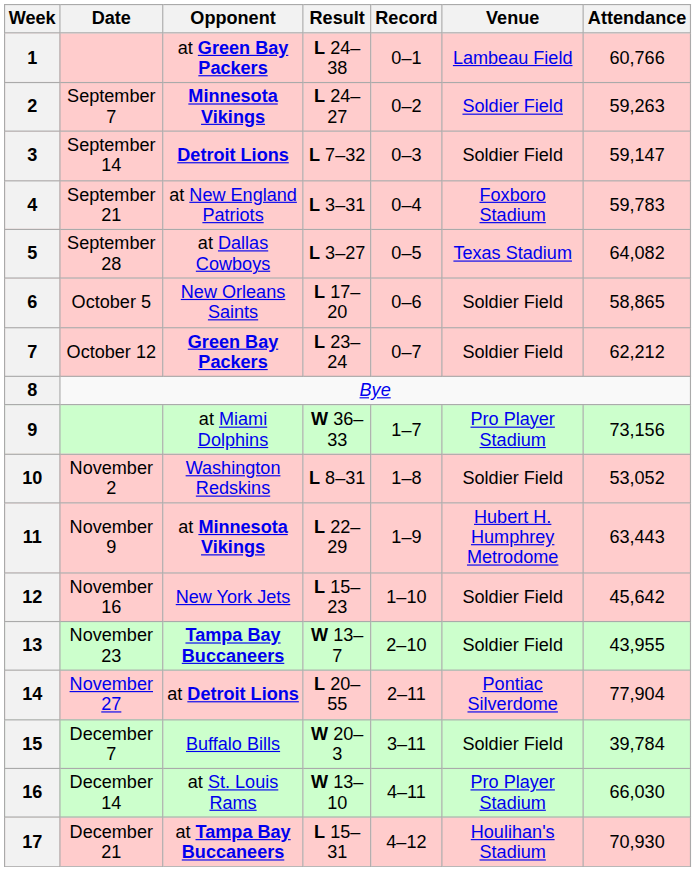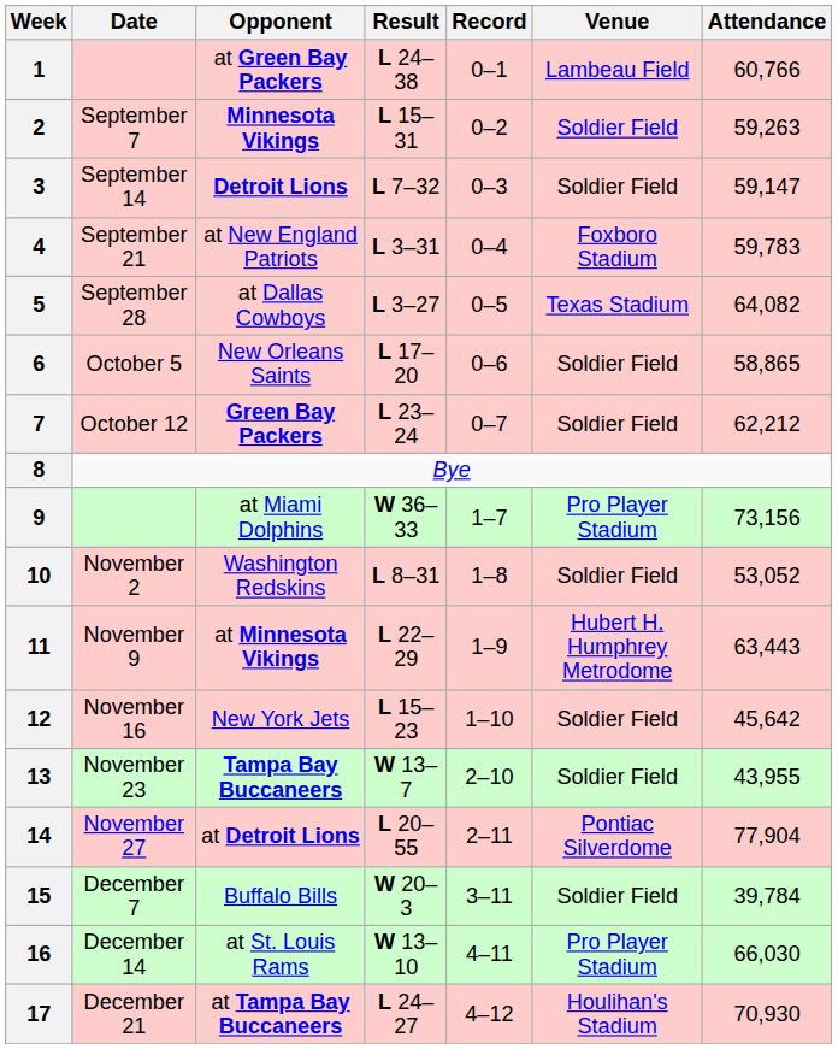 <table class="wikitable" style="text-align:center">
 <tr>
 <th>Week</th>
 <th>Date</th>
 <th>Opponent</th>
 <th>Result</th>
 <th>Record</th>
 <th>Venue</th>
 <th>Attendance</th>
 </tr>
 <tr style="background:#fcc">
 <th>1</th>
 <td></td>
 <td>at <strong><a href='#'>Green Bay Packers</a></strong></td>
 <td><strong>L</strong> 24–38</td>
 <td>0–1</td>
 <td><a href='#'>Lambeau Field</a></td>
 <td>60,766</td>
 </tr>
 <tr style="background:#fcc">
 <th>2</th>
 <td>September 7</td>
 <td><strong><a href='#'>Minnesota Vikings</a></strong></td>
-<td><strong>L</strong> 24–27</td>
+<td><strong>L</strong> 15–31</td>
 <td>0–2</td>
 <td><a href='#'>Soldier Field</a></td>
 <td>59,263</td>
 </tr>
 <tr style="background:#fcc">
 <th>3</th>
 <td>September 14</td>
 <td><strong><a href='#'>Detroit Lions</a></strong></td>
 <td><strong>L</strong> 7–32</td>
 <td>0–3</td>
 <td>Soldier Field</td>
 <td>59,147</td>
 </tr>
 <tr style="background:#fcc">
 <th>4</th>
 <td>September 21</td>
 <td>at <a href='#'>New England Patriots</a></td>
 <td><strong>L</strong> 3–31</td>
 <td>0–4</td>
 <td><a href='#'>Foxboro Stadium</a></td>
 <td>59,783</td>
 </tr>
 <tr style="background:#fcc">
 <th>5</th>
 <td>September 28</td>
 <td>at <a href='#'>Dallas Cowboys</a></td>
 <td><strong>L</strong> 3–27</td>
 <td>0–5</td>
 <td><a href='#'>Texas Stadium</a></td>
 <td>64,082</td>
 </tr>
 <tr style="background:#fcc">
 <th>6</th>
 <td>October 5</td>
 <td><a href='#'>New Orleans Saints</a></td>
 <td><strong>L</strong> 17–20</td>
 <td>0–6</td>
 <td>Soldier Field</td>
 <td>58,865</td>
 </tr>
 <tr style="background:#fcc">
 <th>7</th>
 <td>October 12</td>
 <td><strong><a href='#'>Green Bay Packers</a></strong></td>
 <td><strong>L</strong> 23–24</td>
 <td>0–7</td>
 <td>Soldier Field</td>
 <td>62,212</td>
 </tr>
 <tr>
 <th>8</th>
 <td colspan="6"><em><a href='#'>Bye</a></em></td>
 </tr>
 <tr style="background:#cfc">
 <th>9</th>
 <td></td>
 <td>at <a href='#'>Miami Dolphins</a></td>
 <td><strong>W</strong> 36–33 </td>
 <td>1–7</td>
 <td><a href='#'>Pro Player Stadium</a></td>
 <td>73,156</td>
 </tr>
 <tr style="background:#fcc">
 <th>10</th>
 <td>November 2</td>
 <td><a href='#'>Washington Redskins</a></td>
 <td><strong>L</strong> 8–31</td>
 <td>1–8</td>
 <td>Soldier Field</td>
 <td>53,052</td>
 </tr>
 <tr style="background:#fcc">
 <th>11</th>
 <td>November 9</td>
 <td>at <strong><a href='#'>Minnesota Vikings</a></strong></td>
 <td><strong>L</strong> 22–29</td>
 <td>1–9</td>
 <td><a href='#'>Hubert H. Humphrey Metrodome</a></td>
 <td>63,443</td>
 </tr>
 <tr style="background:#fcc">
 <th>12</th>
 <td>November 16</td>
 <td><a href='#'>New York Jets</a></td>
 <td><strong>L</strong> 15–23</td>
 <td>1–10</td>
 <td>Soldier Field</td>
 <td>45,642</td>
 </tr>
 <tr style="background:#cfc">
 <th>13</th>
 <td>November 23</td>
 <td><strong><a href='#'>Tampa Bay Buccaneers</a></strong></td>
 <td><strong>W</strong> 13–7</td>
 <td>2–10</td>
 <td>Soldier Field</td>
 <td>43,955</td>
 </tr>
 <tr style="background:#fcc">
 <th>14</th>
 <td><a href='#'>November 27</a></td>
 <td>at <strong><a href='#'>Detroit Lions</a></strong></td>
 <td><strong>L</strong> 20–55</td>
 <td>2–11</td>
 <td><a href='#'>Pontiac Silverdome</a></td>
 <td>77,904</td>
 </tr>
 <tr style="background:#cfc">
 <th>15</th>
 <td>December 7</td>
 <td><a href='#'>Buffalo Bills</a></td>
 <td><strong>W</strong> 20–3</td>
 <td>3–11</td>
 <td>Soldier Field</td>
 <td>39,784</td>
 </tr>
 <tr style="background:#cfc">
 <th>16</th>
 <td>December 14</td>
 <td>at <a href='#'>St. Louis Rams</a></td>
 <td><strong>W</strong> 13–10</td>
 <td>4–11</td>
 <td><a href='#'>Pro Player Stadium</a></td>
 <td>66,030</td>
 </tr>
 <tr style="background:#fcc">
 <th>17</th>
 <td>December 21</td>
 <td>at <strong><a href='#'>Tampa Bay Buccaneers</a></strong></td>
-<td><strong>L</strong> 15–31</td>
+<td><strong>L</strong> 24–27</td>
 <td>4–12</td>
 <td><a href='#'>Houlihan's Stadium</a></td>
 <td>70,930</td>
 </tr>
 </table>
